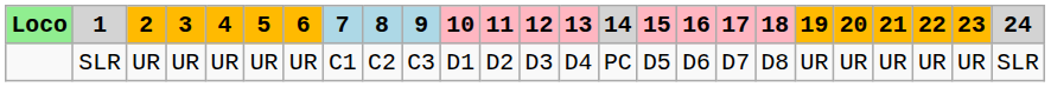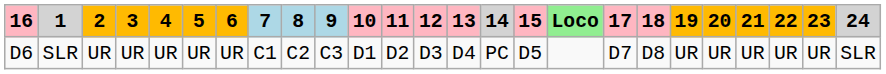 <table class="wikitable plainrowheaders unsortable" style="text-align:center">
 <tr>
-<th style="background:lightgreen;">Loco</th>
+<th style="background:lightpink;">16</th>
 <th style="background:lightgrey;">1</th>
 <th style="background:#FFBA01;">2</th>
 <th style="background:#FFBA01;">3</th>
 <th style="background:#FFBA01;">4</th>
 <th style="background:#FFBA01;">5</th>
 <th style="background:#FFBA01;">6</th>
 <th style="background:lightblue;">7</th>
 <th style="background:lightblue;">8</th>
 <th style="background:lightblue;">9</th>
 <th style="background:lightpink;">10</th>
 <th style="background:lightpink;">11</th>
 <th style="background:lightpink;">12</th>
 <th style="background:lightpink;">13</th>
 <th style="background:lightgrey;">14</th>
 <th style="background:lightpink;">15</th>
-<th style="background:lightpink;">16</th>
+<th style="background:lightgreen;">Loco</th>
 <th style="background:lightpink;">17</th>
 <th style="background:lightpink;">18</th>
 <th style="background:#FFBA01;">19</th>
 <th style="background:#FFBA01;">20</th>
 <th style="background:#FFBA01;">21</th>
 <th style="background:#FFBA01;">22</th>
 <th style="background:#FFBA01;">23</th>
 <th style="background:lightgrey;">24</th>
 </tr>
 <tr>
-<td></td>
+<td>D6</td>
 <td>SLR</td>
 <td>UR</td>
 <td>UR</td>
 <td>UR</td>
 <td>UR</td>
 <td>UR</td>
 <td>C1</td>
 <td>C2</td>
 <td>C3</td>
 <td>D1</td>
 <td>D2</td>
 <td>D3</td>
 <td>D4</td>
 <td>PC</td>
 <td>D5</td>
-<td>D6</td>
+<td></td>
 <td>D7</td>
 <td>D8</td>
 <td>UR</td>
 <td>UR</td>
 <td>UR</td>
 <td>UR</td>
 <td>UR</td>
 <td>SLR</td>
 </tr>
 </table>
